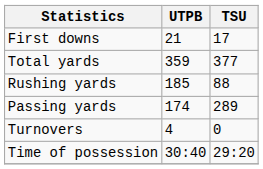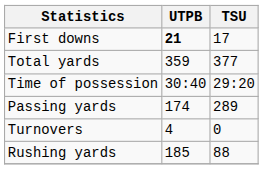 <table class="wikitable" style="float: left;">
 <tr>
 <th>Statistics</th>
 <th>UTPB</th>
 <th>TSU</th>
 </tr>
 <tr>
 <td>First downs</td>
-<td>21</td>
+<td><strong>21</strong></td>
 <td>17</td>
 </tr>
 <tr>
 <td>Total yards</td>
 <td>359</td>
 <td>377</td>
 </tr>
 <tr>
-<td>Rushing yards</td>
-<td>185</td>
-<td>88</td>
+<td>Time of possession</td>
+<td>30:40</td>
+<td>29:20</td>
 </tr>
 <tr>
 <td>Passing yards</td>
 <td>174</td>
 <td>289</td>
 </tr>
 <tr>
 <td>Turnovers</td>
 <td>4</td>
 <td>0</td>
 </tr>
 <tr>
-<td>Time of possession</td>
-<td>30:40</td>
-<td>29:20</td>
+<td>Rushing yards</td>
+<td>185</td>
+<td>88</td>
 </tr>
 <tr>
 </tr>
 </table>
